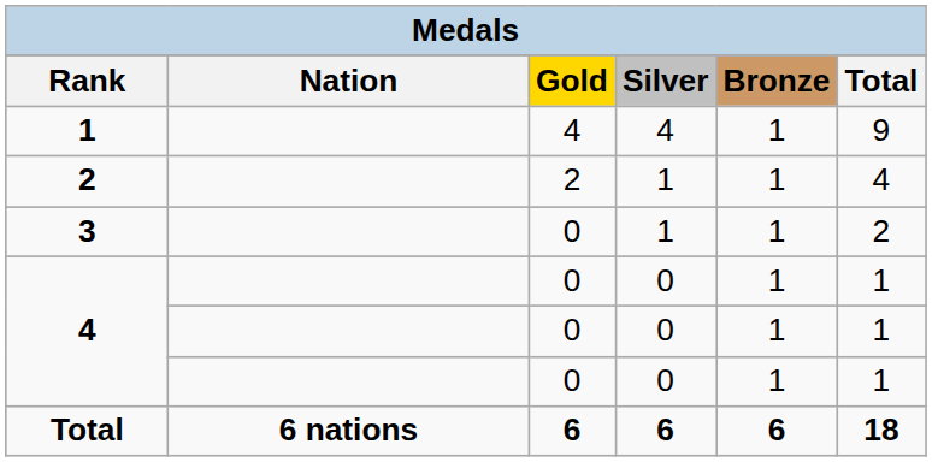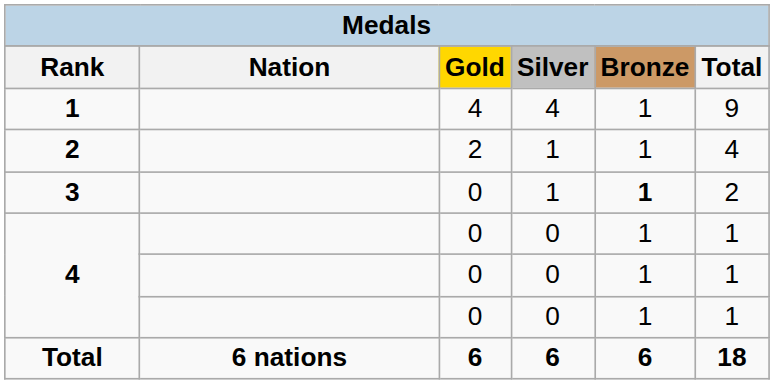 <table class="wikitable" style="text-align:center">
 <tr>
 <td colspan="6" style="background:#BCD4E6"><strong>Medals</strong></td>
 </tr>
 <tr>
 </tr>
 <tr style="background-color:#EDEDED;">
 <th width="75px" class="hintergrundfarbe5">Rank</th>
 <th width="175px" class="hintergrundfarbe6">Nation</th>
 <th style="background:    gold; width:35px ">Gold</th>
 <th style="background:  silver; width:35px ">Silver</th>
 <th style="background: #CC9966; width:35px ">Bronze</th>
 <th width="35px">Total</th>
 </tr>
 <tr>
 <td><strong>1</strong></td>
 <td align=left></td>
 <td>4</td>
 <td>4</td>
 <td>1</td>
 <td>9</td>
 </tr>
 <tr>
 <td><strong>2</strong></td>
 <td align=left></td>
 <td>2</td>
 <td>1</td>
 <td>1</td>
 <td>4</td>
 </tr>
 <tr>
 <td><strong>3</strong></td>
 <td align=left></td>
 <td>0</td>
 <td>1</td>
-<td>1</td>
+<td><strong>1</strong></td>
 <td>2</td>
 </tr>
 <tr>
 <td rowspan=3><strong>4</strong></td>
 <td align=left></td>
 <td>0</td>
 <td>0</td>
 <td>1</td>
 <td>1</td>
 </tr>
 <tr>
 <td align=left></td>
 <td>0</td>
 <td>0</td>
 <td>1</td>
 <td>1</td>
 </tr>
 <tr>
 <td align=left></td>
 <td>0</td>
 <td>0</td>
 <td>1</td>
 <td>1</td>
 </tr>
 <tr>
 <td><strong>Total</strong></td>
 <td><strong>6 nations</strong></td>
 <td><strong>6</strong></td>
 <td><strong>6</strong></td>
 <td><strong>6</strong></td>
 <td><strong>18</strong></td>
 </tr>
 </table>
